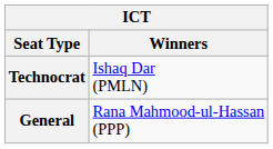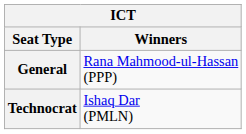 <table class="wikitable">
 <tr>
 <th colspan="2">ICT</th>
 </tr>
 <tr>
 <th>Seat Type</th>
 <th>Winners</th>
 </tr>
 <tr>
+<th>General</th>
+<td style="background:"><a href='#'>Rana Mahmood-ul-Hassan</a><br>(PPP)</td>
+</tr>
+<tr>
 <th>Technocrat</th>
 <td style="background:"><a href='#'>Ishaq Dar</a><br>(PMLN)</td>
 </tr>
-<tr>
-<th>General</th>
-<td style="background:"><a href='#'>Rana Mahmood-ul-Hassan</a><br>(PPP)</td>
-</tr>
 </table>
